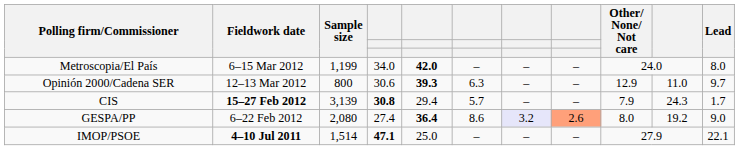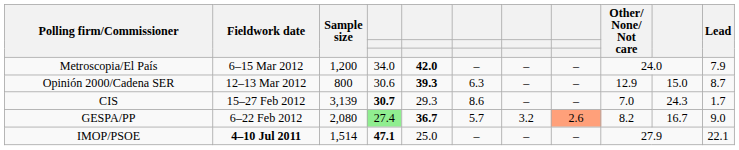 <table class="wikitable collapsible collapsed" style="text-align:center; font-size:90%; line-height:14px;">
 <tr style="height:42px;">
 <th style="width:250px;" rowspan="3">Polling firm/Commissioner</th>
 <th style="width:125px;" rowspan="3">Fieldwork date</th>
 <th style="width:50px;" rowspan="3">Sample size</th>
 <th style="width:35px;"></th>
 <th style="width:55px;"></th>
 <th style="width:55px;"></th>
 <th style="width:55px;"></th>
 <th style="width:55px;"></th>
 <th style="width:55px;" rowspan="3">Other/<br>None/<br>Not<br>care</th>
 <th style="width:55px;" rowspan="3"></th>
 <th style="width:30px;" rowspan="3">Lead</th>
 </tr>
 <tr>
 <th style="color:inherit;background:"></th>
 <th style="color:inherit;background:"></th>
 <th style="color:inherit;background:"></th>
 <th style="color:inherit;background:"></th>
 <th style="color:inherit;background:"></th>
 </tr>
 <tr>
 <th></th>
 <th></th>
 <th></th>
 <th></th>
 <th></th>
 </tr>
 <tr>
 <td>Metroscopia/El País</td>
 <td>6–15 Mar 2012</td>
-<td>1,199</td>
+<td>1,200</td>
 <td>34.0</td>
 <td><strong>42.0</strong></td>
 <td>–</td>
 <td>–</td>
 <td>–</td>
 <td colspan="2">24.0</td>
-<td style="background:">8.0</td>
+<td style="background:">7.9</td>
 </tr>
 <tr>
 <td>Opinión 2000/Cadena SER</td>
 <td>12–13 Mar 2012</td>
 <td>800</td>
 <td>30.6</td>
 <td><strong>39.3</strong></td>
 <td>6.3</td>
 <td>–</td>
 <td>–</td>
 <td>12.9</td>
-<td>11.0</td>
-<td style="background:">9.7</td>
+<td>15.0</td>
+<td style="background:">8.7</td>
 </tr>
 <tr>
 <td>CIS</td>
-<td><strong>15–27 Feb 2012</strong></td>
+<td>15–27 Feb 2012</td>
 <td>3,139</td>
-<td><strong>30.8</strong></td>
-<td>29.4</td>
-<td>5.7</td>
+<td><strong>30.7</strong></td>
+<td>29.3</td>
+<td>8.6</td>
 <td>–</td>
 <td>–</td>
-<td>7.9</td>
+<td>7.0</td>
 <td>24.3</td>
 <td style="background:">1.7</td>
 </tr>
 <tr>
 <td>GESPA/PP</td>
 <td>6–22 Feb 2012</td>
 <td>2,080</td>
-<td>27.4</td>
-<td><strong>36.4</strong></td>
-<td>8.6</td>
-<td style="background: lavender;">3.2</td>
+<td style="background: lightgreen;">27.4</td>
+<td><strong>36.7</strong></td>
+<td>5.7</td>
+<td>3.2</td>
 <td style="background: lightsalmon;">2.6</td>
-<td>8.0</td>
-<td>19.2</td>
+<td>8.2</td>
+<td>16.7</td>
 <td style="background:">9.0</td>
 </tr>
 <tr>
 <td>IMOP/PSOE</td>
 <td><strong>4–10 Jul 2011</strong></td>
 <td>1,514</td>
 <td><strong>47.1</strong></td>
 <td>25.0</td>
 <td>–</td>
 <td>–</td>
 <td>–</td>
 <td colspan="2">27.9</td>
 <td style="background:">22.1</td>
 </tr>
 </table>
